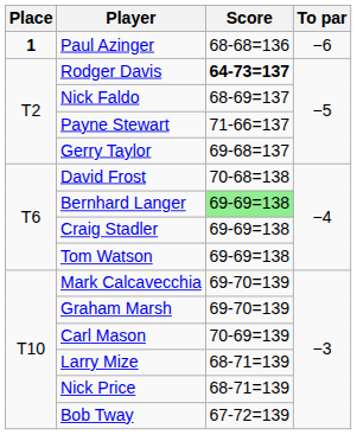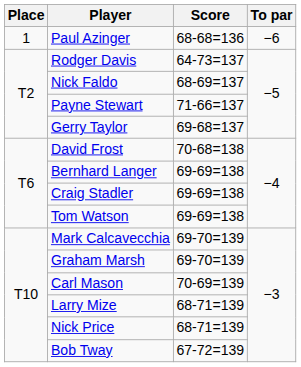 <table class="wikitable">
 <tr>
 <th>Place</th>
 <th>Player</th>
 <th>Score</th>
 <th>To par</th>
 </tr>
 <tr>
-<td align=center><strong>1</strong></td>
+<td align=center>1</td>
 <td> <a href='#'>Paul Azinger</a></td>
 <td align=center>68-68=136</td>
 <td align=center>−6</td>
 </tr>
 <tr>
 <td rowspan="4" align=center>T2</td>
 <td> <a href='#'>Rodger Davis</a></td>
-<td align=center><strong>64-73=137</strong></td>
+<td align=center>64-73=137</td>
 <td rowspan="4" align=center>−5</td>
 </tr>
 <tr>
 <td> <a href='#'>Nick Faldo</a></td>
 <td align=center>68-69=137</td>
 </tr>
 <tr>
 <td> <a href='#'>Payne Stewart</a></td>
 <td align=center>71-66=137</td>
 </tr>
 <tr>
 <td> <a href='#'>Gerry Taylor</a></td>
 <td align=center>69-68=137</td>
 </tr>
 <tr>
 <td rowspan="4" align=center>T6</td>
 <td> <a href='#'>David Frost</a></td>
 <td align=center>70-68=138</td>
 <td rowspan="4" align=center>−4</td>
 </tr>
 <tr>
 <td> <a href='#'>Bernhard Langer</a></td>
-<td align=center style="background: lightgreen;">69-69=138</td>
+<td align=center>69-69=138</td>
 </tr>
 <tr>
 <td> <a href='#'>Craig Stadler</a></td>
 <td align=center>69-69=138</td>
 </tr>
 <tr>
 <td> <a href='#'>Tom Watson</a></td>
 <td align=center>69-69=138</td>
 </tr>
 <tr>
 <td rowspan="6" align=center>T10</td>
 <td> <a href='#'>Mark Calcavecchia</a></td>
 <td align=center>69-70=139</td>
 <td rowspan="6" align=center>−3</td>
 </tr>
 <tr>
 <td> <a href='#'>Graham Marsh</a></td>
 <td align=center>69-70=139</td>
 </tr>
 <tr>
 <td> <a href='#'>Carl Mason</a></td>
 <td align=center>70-69=139</td>
 </tr>
 <tr>
 <td> <a href='#'>Larry Mize</a></td>
 <td align=center>68-71=139</td>
 </tr>
 <tr>
 <td> <a href='#'>Nick Price</a></td>
 <td align=center>68-71=139</td>
 </tr>
 <tr>
 <td> <a href='#'>Bob Tway</a></td>
 <td align=center>67-72=139</td>
 </tr>
 </table>
